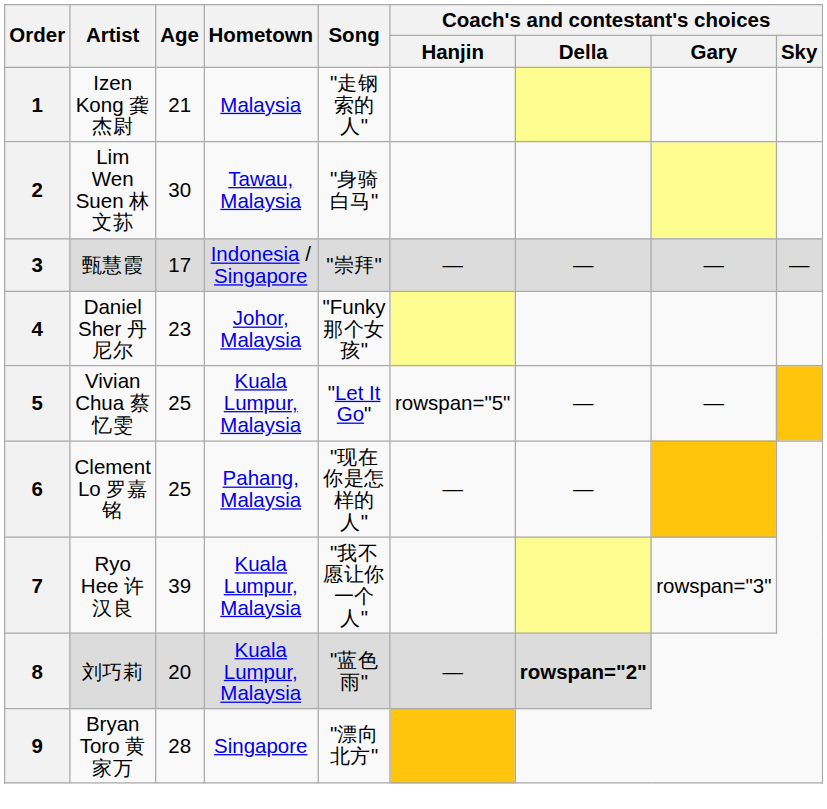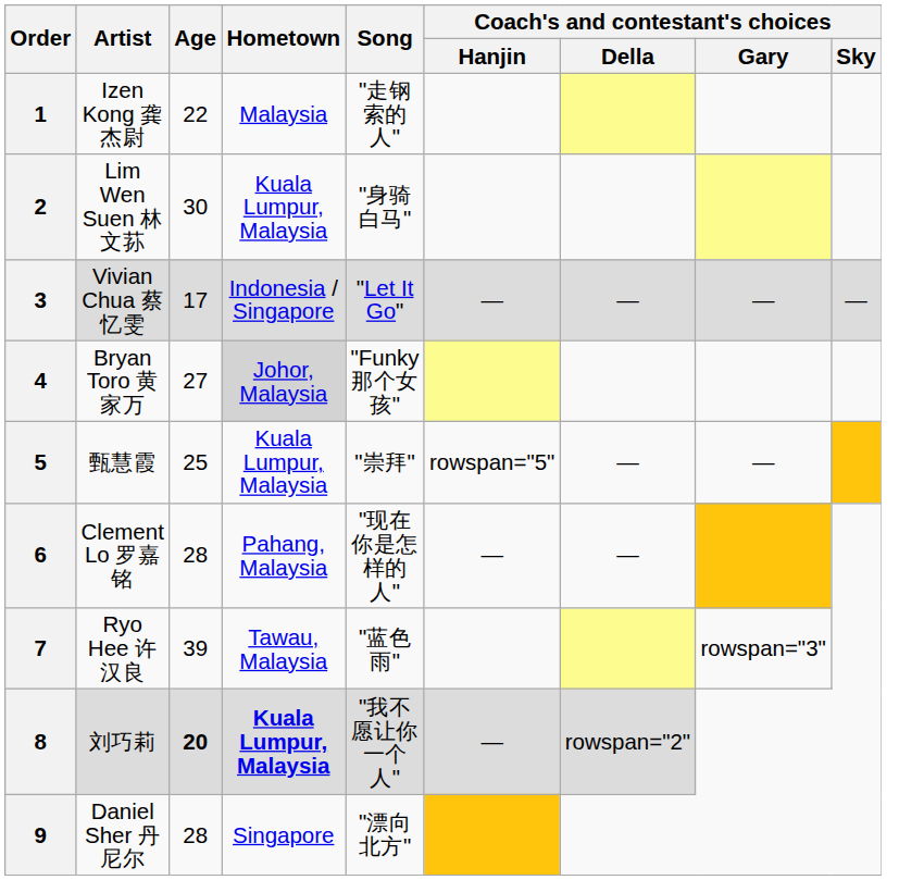 <table class="wikitable" style="text-align:center; line-height:17px; width:100%;">
 <tr>
 <th rowspan="2" scope="col" style="width:04%;">Order</th>
 <th rowspan="2" scope="col" style="width:18%;">Artist</th>
 <th rowspan="2" scope="col" style="width:04%;">Age</th>
 <th rowspan="2" scope="col" style="width:18%;">Hometown</th>
 <th rowspan="2" scope="col" style="width:20%;">Song</th>
 <th colspan="4" scope="col" style="width:24%;">Coach's and contestant's choices</th>
 </tr>
 <tr>
 <th style="width:08%;">Hanjin</th>
 <th style="width:08%;">Della</th>
 <th style="width:08%;">Gary</th>
 <th style="width:08%;">Sky</th>
 </tr>
 <tr>
 <th>1</th>
 <td>Izen Kong 龚杰尉</td>
-<td>21</td>
+<td>22</td>
 <td><a href='#'>Malaysia</a></td>
 <td>"走钢索的人"</td>
 <td></td>
 <td style="background:#Fdfc8f;"></td>
 <td></td>
 <td></td>
 </tr>
 <tr>
 <th>2</th>
 <td>Lim Wen Suen 林文荪</td>
 <td>30</td>
-<td><a href='#'>Tawau, Malaysia</a></td>
+<td><a href='#'>Kuala Lumpur, Malaysia</a></td>
 <td>"身骑白马"</td>
 <td></td>
 <td></td>
 <td style="background:#Fdfc8f;"></td>
 <td></td>
 </tr>
 <tr bgcolor="#DCDCDC">
 <th>3</th>
-<td>甄慧霞</td>
+<td>Vivian Chua 蔡忆雯</td>
 <td>17</td>
 <td><a href='#'>Indonesia</a> / <a href='#'>Singapore</a></td>
-<td>"崇拜"</td>
+<td>"<a href='#'>Let It Go</a>"</td>
 <td>—</td>
 <td>—</td>
 <td>—</td>
 <td>—</td>
 </tr>
 <tr>
 <th>4</th>
-<td>Daniel Sher 丹尼尔</td>
-<td>23</td>
-<td><a href='#'>Johor, Malaysia</a></td>
+<td>Bryan Toro 黄家万</td>
+<td>27</td>
+<td style="background: lightgrey;"><a href='#'>Johor, Malaysia</a></td>
 <td>"Funky 那个女孩"</td>
 <td style="background:#Fdfc8f;"></td>
 <td></td>
 <td></td>
 <td></td>
 </tr>
 <tr>
 <th>5</th>
-<td>Vivian Chua 蔡忆雯</td>
+<td>甄慧霞</td>
 <td>25</td>
 <td><a href='#'>Kuala Lumpur, Malaysia</a></td>
-<td>"<a href='#'>Let It Go</a>"</td>
+<td>"崇拜"</td>
 <td>rowspan="5" </td>
 <td>—</td>
 <td>—</td>
 <td style="background:#FFC40C;"></td>
 </tr>
 <tr>
 <th>6</th>
 <td>Clement Lo 罗嘉铭</td>
-<td>25</td>
+<td>28</td>
 <td><a href='#'>Pahang, Malaysia</a></td>
 <td>"现在你是怎样的人"</td>
 <td>—</td>
 <td>—</td>
 <td style="background:#FFC40C;"></td>
 </tr>
 <tr>
 <th>7</th>
 <td>Ryo Hee 许汉良</td>
 <td>39</td>
-<td><a href='#'>Kuala Lumpur, Malaysia</a></td>
-<td>"我不愿让你一个人"</td>
+<td><a href='#'>Tawau, Malaysia</a></td>
+<td>"蓝色雨"</td>
 <td></td>
 <td style="background:#Fdfc8f;"></td>
 <td>rowspan="3" </td>
 </tr>
 <tr bgcolor="#DCDCDC">
 <th>8</th>
 <td>刘巧莉</td>
-<td>20</td>
-<td><a href='#'>Kuala Lumpur, Malaysia</a></td>
-<td>"蓝色雨"</td>
+<td><strong>20</strong></td>
+<td><strong><a href='#'>Kuala Lumpur, Malaysia</a></strong></td>
+<td>"我不愿让你一个人"</td>
 <td>—</td>
-<td><strong>rowspan="2" </strong></td>
+<td>rowspan="2" </td>
 </tr>
 <tr>
 <th>9</th>
-<td>Bryan Toro 黄家万</td>
+<td>Daniel Sher 丹尼尔</td>
 <td>28</td>
 <td><a href='#'>Singapore</a></td>
 <td>"漂向北方"</td>
 <td style="background:#FFC40C;"></td>
 </tr>
 </table>
